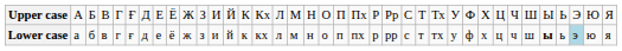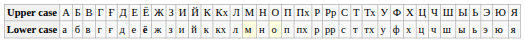 <table class="Unicode wikitable">
 <tr>
 <th>Upper case</th>
 <td>А</td>
 <td>Б</td>
 <td>В</td>
 <td>Г</td>
 <td>Ғ</td>
 <td>Д</td>
 <td>Е</td>
 <td>Ё</td>
 <td>Ж</td>
 <td>З</td>
 <td>И</td>
 <td>Й</td>
 <td>К</td>
 <td>Кх</td>
 <td>Л</td>
 <td>М</td>
 <td>Н</td>
 <td>О</td>
 <td>П</td>
 <td>Пх</td>
 <td>Р</td>
 <td>Рр</td>
 <td>С</td>
 <td>Т</td>
 <td>Тх</td>
 <td>У</td>
 <td>Ф</td>
 <td>Х</td>
 <td>Ц</td>
 <td>Ч</td>
 <td>Ш</td>
 <td>Ы</td>
 <td>Ь</td>
 <td>Э</td>
 <td>Ю</td>
 <td>Я</td>
 </tr>
 <tr>
 <th>Lower case</th>
 <td>а</td>
 <td>б</td>
 <td>в</td>
 <td>г</td>
 <td>ғ</td>
 <td>д</td>
 <td>е</td>
-<td>ё</td>
+<td><strong>ё</strong></td>
 <td>ж</td>
 <td>з</td>
 <td>и</td>
 <td>й</td>
 <td>к</td>
 <td>кх</td>
 <td>л</td>
-<td>м</td>
+<td style="background: lightyellow;">м</td>
 <td>н</td>
-<td>о</td>
+<td style="background: lightyellow;">о</td>
 <td>п</td>
 <td>пх</td>
 <td>р</td>
 <td>рр</td>
 <td>с</td>
 <td>т</td>
 <td>тх</td>
 <td>у</td>
 <td>ф</td>
 <td>х</td>
 <td>ц</td>
 <td>ч</td>
 <td>ш</td>
-<td><strong>ы</strong></td>
+<td>ы</td>
 <td>ь</td>
-<td style="background: lightblue;">э</td>
+<td>э</td>
 <td>ю</td>
 <td>я</td>
 </tr>
 </table>
